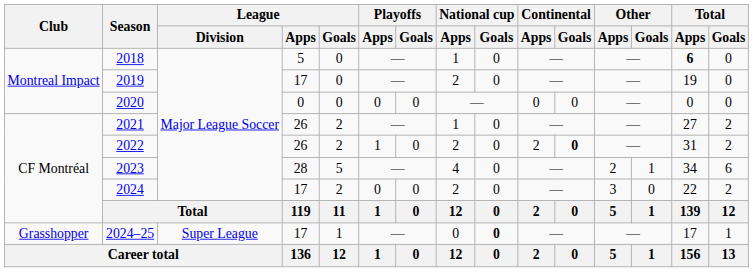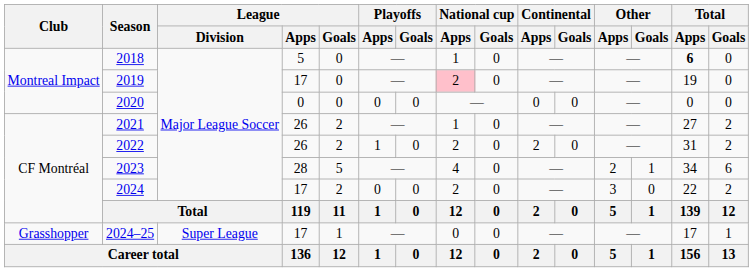 <table class="wikitable" style="text-align: center;">
 <tr>
 <th rowspan="2">Club</th>
 <th rowspan="2">Season</th>
 <th colspan="3">League</th>
 <th colspan="2">Playoffs</th>
 <th colspan="2">National cup</th>
 <th colspan="2">Continental</th>
 <th colspan="2">Other</th>
 <th colspan="2">Total</th>
 </tr>
 <tr>
 <th>Division</th>
 <th>Apps</th>
 <th>Goals</th>
 <th>Apps</th>
 <th>Goals</th>
 <th>Apps</th>
 <th>Goals</th>
 <th>Apps</th>
 <th>Goals</th>
 <th>Apps</th>
 <th>Goals</th>
 <th>Apps</th>
 <th>Goals</th>
 </tr>
 <tr>
 <td rowspan="3"><a href='#'>Montreal Impact</a></td>
 <td><a href='#'>2018</a></td>
 <td rowspan="7"><a href='#'>Major League Soccer</a></td>
 <td>5</td>
 <td>0</td>
 <td colspan="2">—</td>
 <td>1</td>
 <td>0</td>
 <td colspan="2">—</td>
 <td colspan="2">—</td>
 <td><strong>6</strong></td>
 <td>0</td>
 </tr>
 <tr>
 <td><a href='#'>2019</a></td>
 <td>17</td>
 <td>0</td>
 <td colspan="2">—</td>
-<td>2</td>
+<td style="background: pink;">2</td>
 <td>0</td>
 <td colspan="2">—</td>
 <td colspan="2">—</td>
 <td>19</td>
 <td>0</td>
 </tr>
 <tr>
 <td><a href='#'>2020</a></td>
 <td>0</td>
 <td>0</td>
 <td>0</td>
 <td>0</td>
 <td colspan="2">—</td>
 <td>0</td>
 <td>0</td>
 <td colspan="2">—</td>
 <td>0</td>
 <td>0</td>
 </tr>
 <tr>
 <td rowspan=5>CF Montréal</td>
 <td><a href='#'>2021</a></td>
 <td>26</td>
 <td>2</td>
 <td colspan="2">—</td>
 <td>1</td>
 <td>0</td>
 <td colspan="2">—</td>
 <td colspan="2">—</td>
 <td>27</td>
 <td>2</td>
 </tr>
 <tr>
 <td><a href='#'>2022</a></td>
 <td>26</td>
 <td>2</td>
 <td>1</td>
 <td>0</td>
 <td>2</td>
 <td>0</td>
 <td>2</td>
-<td><strong>0</strong></td>
+<td>0</td>
 <td colspan="2">—</td>
 <td>31</td>
 <td>2</td>
 </tr>
 <tr>
 <td><a href='#'>2023</a></td>
 <td>28</td>
 <td>5</td>
 <td colspan="2">—</td>
 <td>4</td>
 <td>0</td>
 <td colspan="2">—</td>
 <td>2</td>
 <td>1</td>
 <td>34</td>
 <td>6</td>
 </tr>
 <tr>
 <td><a href='#'>2024</a></td>
 <td>17</td>
 <td>2</td>
 <td>0</td>
 <td>0</td>
 <td>2</td>
 <td>0</td>
 <td colspan="2">—</td>
 <td>3</td>
 <td>0</td>
 <td>22</td>
 <td>2</td>
 </tr>
 <tr>
 <th colspan=2>Total</th>
 <th>119</th>
 <th>11</th>
 <th>1</th>
 <th>0</th>
 <th>12</th>
 <th>0</th>
 <th>2</th>
 <th>0</th>
 <th>5</th>
 <th>1</th>
 <th>139</th>
 <th>12</th>
 </tr>
 <tr>
 <td><a href='#'>Grasshopper</a></td>
 <td><a href='#'>2024–25</a></td>
 <td><a href='#'>Super League</a></td>
 <td>17</td>
 <td>1</td>
 <td colspan=2>—</td>
 <td>0</td>
-<td><strong>0</strong></td>
+<td>0</td>
 <td colspan=2>—</td>
 <td colspan=2>—</td>
 <td>17</td>
 <td>1</td>
 </tr>
 <tr>
 <th colspan="3">Career total</th>
 <th>136</th>
 <th>12</th>
 <th>1</th>
 <th>0</th>
 <th>12</th>
 <th>0</th>
 <th>2</th>
 <th>0</th>
 <th>5</th>
 <th>1</th>
 <th>156</th>
 <th>13</th>
 </tr>
 </table>
